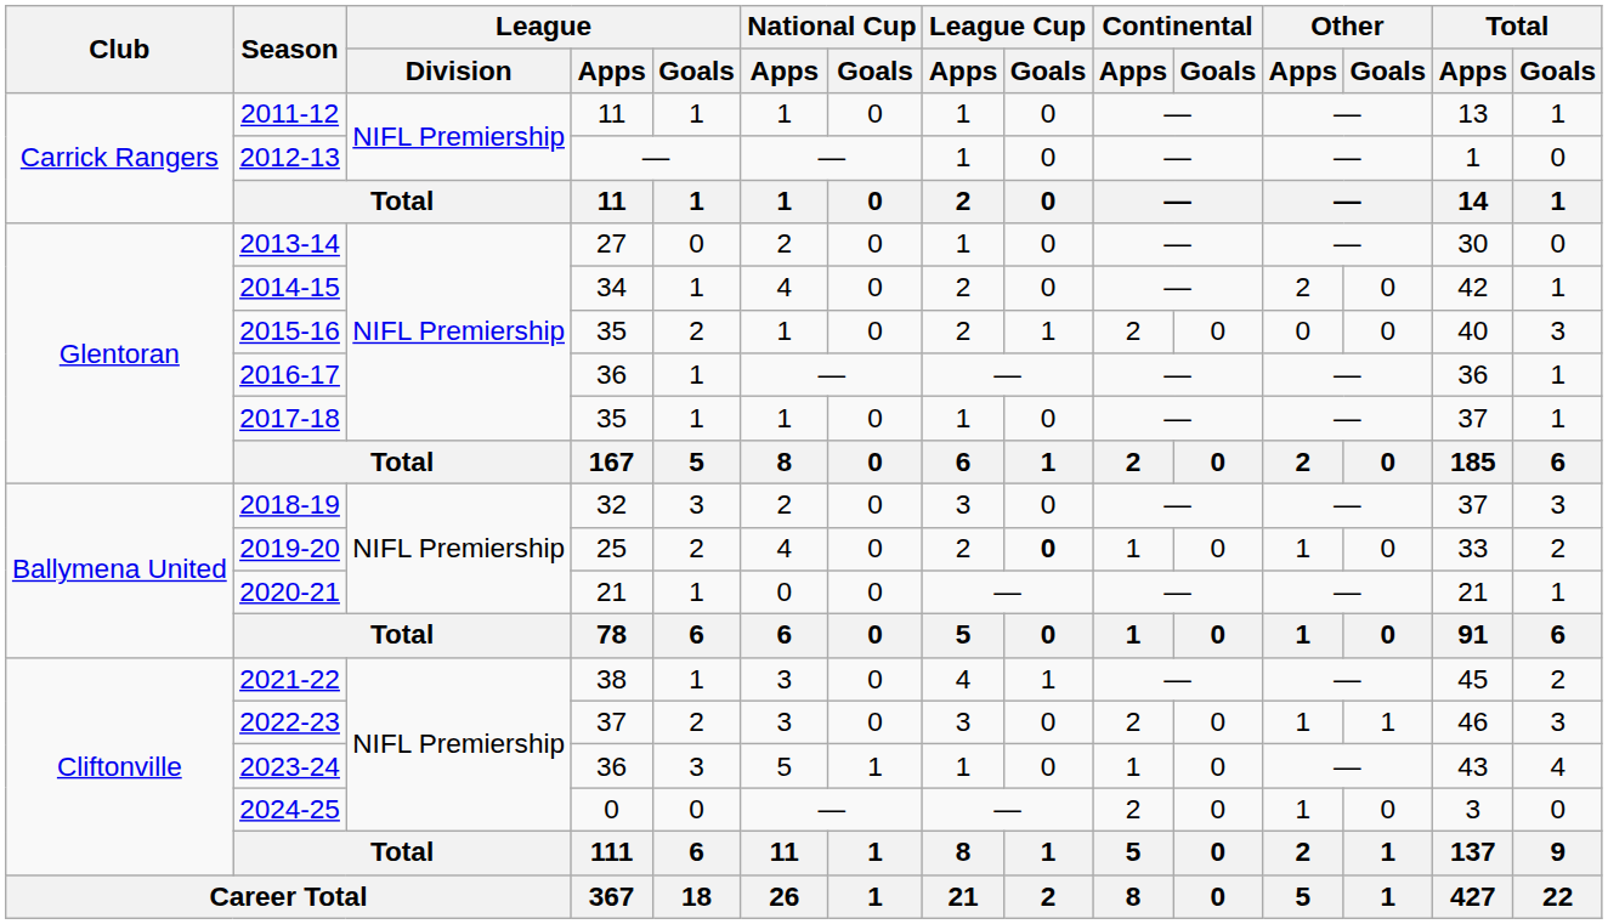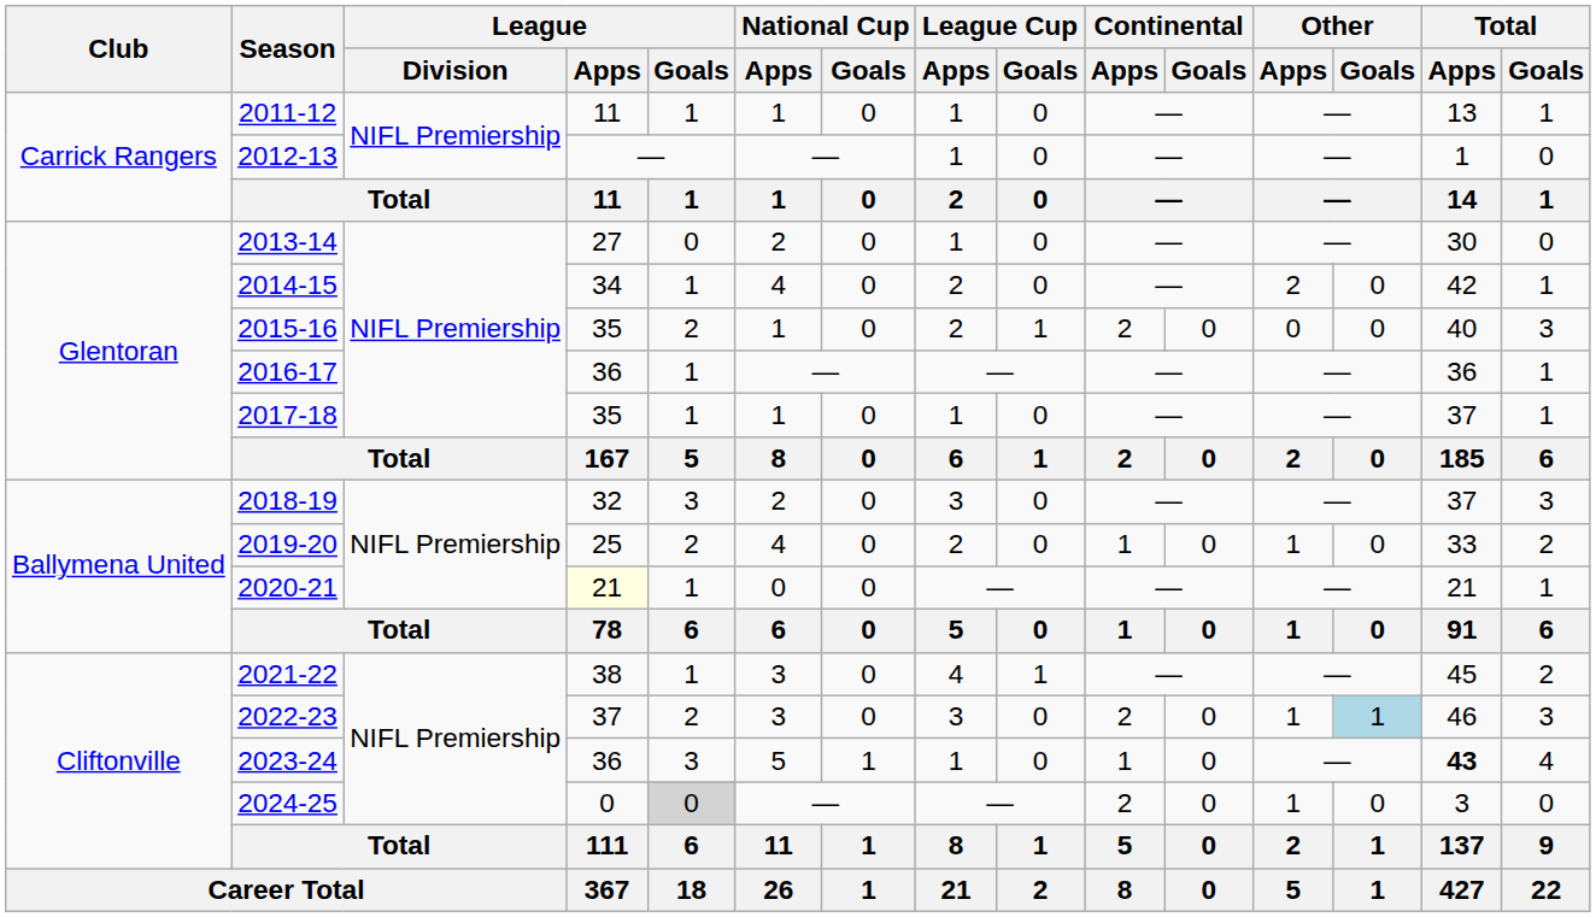 <table class="wikitable" style="text-align: center">
 <tr>
 <th rowspan="2">Club</th>
 <th rowspan="2">Season</th>
 <th colspan="3">League</th>
 <th colspan="2">National Cup</th>
 <th colspan="2">League Cup</th>
 <th colspan="2">Continental</th>
 <th colspan="2">Other</th>
 <th colspan="2">Total</th>
 </tr>
 <tr>
 <th>Division</th>
 <th>Apps</th>
 <th>Goals</th>
 <th>Apps</th>
 <th>Goals</th>
 <th>Apps</th>
 <th>Goals</th>
 <th>Apps</th>
 <th>Goals</th>
 <th>Apps</th>
 <th>Goals</th>
 <th>Apps</th>
 <th>Goals</th>
 </tr>
 <tr>
 <td rowspan="3"><a href='#'>Carrick Rangers</a></td>
 <td><a href='#'>2011-12</a></td>
 <td rowspan="2"><a href='#'>NIFL Premiership</a></td>
 <td>11</td>
 <td>1</td>
 <td>1</td>
 <td>0</td>
 <td>1</td>
 <td>0</td>
 <td colspan="2">—</td>
 <td colspan="2">—</td>
 <td>13</td>
 <td>1</td>
 </tr>
 <tr>
 <td><a href='#'>2012-13</a></td>
 <td colspan="2">—</td>
 <td colspan="2">—</td>
 <td>1</td>
 <td>0</td>
 <td colspan="2">—</td>
 <td colspan="2">—</td>
 <td>1</td>
 <td>0</td>
 </tr>
 <tr>
 <th colspan="2">Total</th>
 <th>11</th>
 <th>1</th>
 <th>1</th>
 <th>0</th>
 <th>2</th>
 <th>0</th>
 <th colspan="2">—</th>
 <th colspan="2">—</th>
 <th>14</th>
 <th>1</th>
 </tr>
 <tr>
 <td rowspan="6"><a href='#'>Glentoran</a></td>
 <td><a href='#'>2013-14</a></td>
 <td rowspan="5"><a href='#'>NIFL Premiership</a></td>
 <td>27</td>
 <td>0</td>
 <td>2</td>
 <td>0</td>
 <td>1</td>
 <td>0</td>
 <td colspan="2">—</td>
 <td colspan="2">—</td>
 <td>30</td>
 <td>0</td>
 </tr>
 <tr>
 <td><a href='#'>2014-15</a></td>
 <td>34</td>
 <td>1</td>
 <td>4</td>
 <td>0</td>
 <td>2</td>
 <td>0</td>
 <td colspan="2">—</td>
 <td>2</td>
 <td>0</td>
 <td>42</td>
 <td>1</td>
 </tr>
 <tr>
 <td><a href='#'>2015-16</a></td>
 <td>35</td>
 <td>2</td>
 <td>1</td>
 <td>0</td>
 <td>2</td>
 <td>1</td>
 <td>2</td>
 <td>0</td>
 <td>0</td>
 <td>0</td>
 <td>40</td>
 <td>3</td>
 </tr>
 <tr>
 <td><a href='#'>2016-17</a></td>
 <td>36</td>
 <td>1</td>
 <td colspan="2">—</td>
 <td colspan="2">—</td>
 <td colspan="2">—</td>
 <td colspan="2">—</td>
 <td>36</td>
 <td>1</td>
 </tr>
 <tr>
 <td><a href='#'>2017-18</a></td>
 <td>35</td>
 <td>1</td>
 <td>1</td>
 <td>0</td>
 <td>1</td>
 <td>0</td>
 <td colspan="2">—</td>
 <td colspan="2">—</td>
 <td>37</td>
 <td>1</td>
 </tr>
 <tr>
 <th colspan="2">Total</th>
 <th>167</th>
 <th>5</th>
 <th>8</th>
 <th>0</th>
 <th>6</th>
 <th>1</th>
 <th>2</th>
 <th>0</th>
 <th>2</th>
 <th>0</th>
 <th>185</th>
 <th>6</th>
 </tr>
 <tr>
 <td rowspan="4"><a href='#'>Ballymena United</a></td>
 <td><a href='#'>2018-19</a></td>
 <td rowspan="3">NIFL Premiership</td>
 <td>32</td>
 <td>3</td>
 <td>2</td>
 <td>0</td>
 <td>3</td>
 <td>0</td>
 <td colspan="2">—</td>
 <td colspan="2">—</td>
 <td>37</td>
 <td>3</td>
 </tr>
 <tr>
 <td><a href='#'>2019-20</a></td>
 <td>25</td>
 <td>2</td>
 <td>4</td>
 <td>0</td>
 <td>2</td>
-<td><strong>0</strong></td>
+<td>0</td>
 <td>1</td>
 <td>0</td>
 <td>1</td>
 <td>0</td>
 <td>33</td>
 <td>2</td>
 </tr>
 <tr>
 <td><a href='#'>2020-21</a></td>
-<td>21</td>
+<td style="background: lightyellow;">21</td>
 <td>1</td>
 <td>0</td>
 <td>0</td>
 <td colspan="2">—</td>
 <td colspan="2">—</td>
 <td colspan="2">—</td>
 <td>21</td>
 <td>1</td>
 </tr>
 <tr>
 <th colspan="2">Total</th>
 <th>78</th>
 <th>6</th>
 <th>6</th>
 <th>0</th>
 <th>5</th>
 <th>0</th>
 <th>1</th>
 <th>0</th>
 <th>1</th>
 <th>0</th>
 <th>91</th>
 <th>6</th>
 </tr>
 <tr>
 <td rowspan="5"><a href='#'>Cliftonville</a></td>
 <td><a href='#'>2021-22</a></td>
 <td rowspan="4">NIFL Premiership</td>
 <td>38</td>
 <td>1</td>
 <td>3</td>
 <td>0</td>
 <td>4</td>
 <td>1</td>
 <td colspan="2">—</td>
 <td colspan="2">—</td>
 <td>45</td>
 <td>2</td>
 </tr>
 <tr>
 <td><a href='#'>2022-23</a></td>
 <td>37</td>
 <td>2</td>
 <td>3</td>
 <td>0</td>
 <td>3</td>
 <td>0</td>
 <td>2</td>
 <td>0</td>
 <td>1</td>
-<td>1</td>
+<td style="background: lightblue;">1</td>
 <td>46</td>
 <td>3</td>
 </tr>
 <tr>
 <td><a href='#'>2023-24</a></td>
 <td>36</td>
 <td>3</td>
 <td>5</td>
 <td>1</td>
 <td>1</td>
 <td>0</td>
 <td>1</td>
 <td>0</td>
 <td colspan="2">—</td>
-<td>43</td>
+<td><strong>43</strong></td>
 <td>4</td>
 </tr>
 <tr>
 <td><a href='#'>2024-25</a></td>
 <td>0</td>
-<td>0</td>
+<td style="background: lightgrey;">0</td>
 <td colspan="2">—</td>
 <td colspan="2">—</td>
 <td>2</td>
 <td>0</td>
 <td>1</td>
 <td>0</td>
 <td>3</td>
 <td>0</td>
 </tr>
 <tr>
 <th colspan="2">Total</th>
 <th>111</th>
 <th>6</th>
 <th>11</th>
 <th>1</th>
 <th>8</th>
 <th>1</th>
 <th>5</th>
 <th>0</th>
 <th>2</th>
 <th>1</th>
 <th>137</th>
 <th>9</th>
 </tr>
 <tr>
 <th colspan="3">Career Total</th>
 <th>367</th>
 <th>18</th>
 <th>26</th>
 <th>1</th>
 <th>21</th>
 <th>2</th>
 <th>8</th>
 <th>0</th>
 <th>5</th>
 <th>1</th>
 <th>427</th>
 <th>22</th>
 </tr>
 </table>
